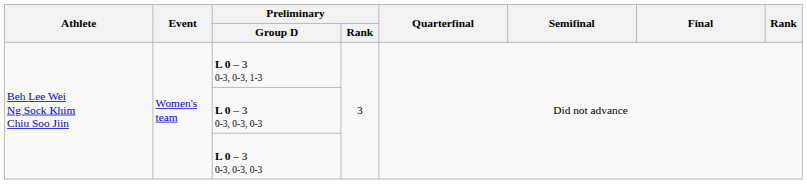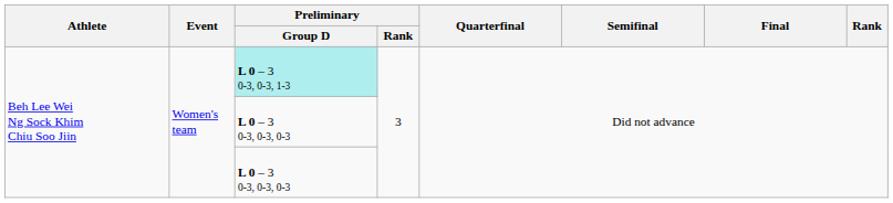 <table class="wikitable" width="80%" style="text-align:left; font-size:90%">
 <tr>
 <th rowspan=2 width="15%">Athlete</th>
 <th rowspan=2 width="6%">Event</th>
 <th colspan=2 width="16%">Preliminary</th>
 <th rowspan=2 width="13%">Quarterfinal</th>
 <th rowspan=2 width="13%">Semifinal</th>
 <th rowspan=2 width="13%">Final</th>
 <th rowspan=2 width="3%">Rank</th>
 </tr>
 <tr>
 <th width="13%">Group D</th>
 <th width="3%">Rank</th>
 </tr>
 <tr>
 <td rowspan="3"><a href='#'>Beh Lee Wei</a><br><a href='#'>Ng Sock Khim</a><br><a href='#'>Chiu Soo Jiin</a></td>
 <td rowspan="3"><a href='#'>Women's team</a></td>
-<td><br><strong>L 0</strong> – 3<br><small>0-3, 0-3, 1-3</small></td>
+<td style="background: paleturquoise;"><br><strong>L 0</strong> – 3<br><small>0-3, 0-3, 1-3</small></td>
 <td rowspan="3" align=center>3</td>
 <td align=center colspan=4 rowspan=3>Did not advance</td>
 </tr>
 <tr>
 <td><br><strong>L 0</strong> – 3<br><small>0-3, 0-3, 0-3</small></td>
 </tr>
 <tr>
 <td><br><strong>L 0</strong> – 3<br><small>0-3, 0-3, 0-3</small></td>
 </tr>
 </table>
